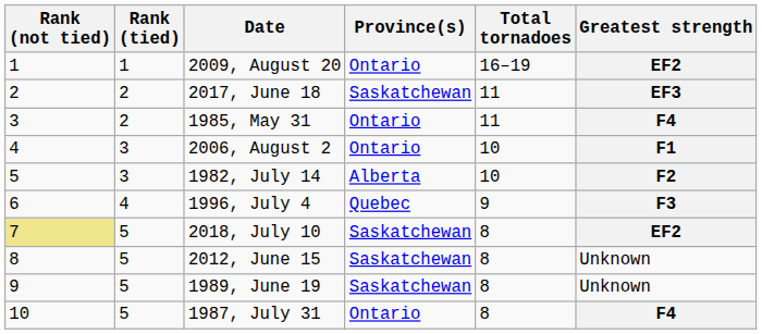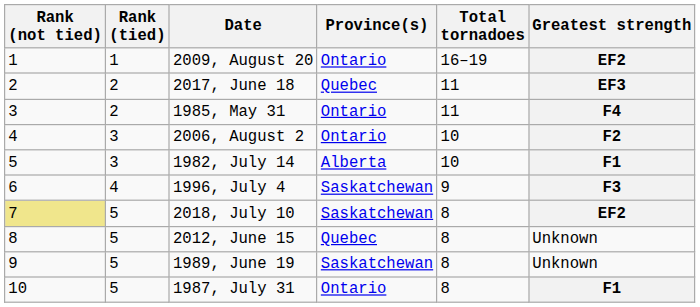 <table class="wikitable mw-collapsible">
 <tr>
 <th>Rank<br>(not tied)</th>
 <th>Rank<br>(tied)</th>
 <th>Date</th>
 <th>Province(s)</th>
 <th>Total<br>tornadoes</th>
 <th>Greatest strength</th>
 </tr>
 <tr>
 <td>1</td>
 <td>1</td>
 <td>2009, August 20</td>
 <td><a href='#'>Ontario</a></td>
 <td>16–19</td>
 <th style="background-color:#">EF2</th>
 </tr>
 <tr>
 <td>2</td>
 <td>2</td>
 <td>2017, June 18</td>
-<td><a href='#'>Saskatchewan</a></td>
+<td><a href='#'>Quebec</a></td>
 <td>11</td>
 <th style="background-color:#">EF3</th>
 </tr>
 <tr>
 <td>3</td>
 <td>2</td>
 <td>1985, May 31</td>
 <td><a href='#'>Ontario</a></td>
 <td>11</td>
 <th style="background-color:#">F4</th>
 </tr>
 <tr>
 <td>4</td>
 <td>3</td>
 <td>2006, August 2</td>
 <td><a href='#'>Ontario</a></td>
 <td>10</td>
-<th style="background-color:#">F1</th>
+<th style="background-color:#">F2</th>
 </tr>
 <tr>
 <td>5</td>
 <td>3</td>
 <td>1982, July 14</td>
 <td><a href='#'>Alberta</a></td>
 <td>10</td>
-<th style="background-color:#">F2</th>
+<th style="background-color:#">F1</th>
 </tr>
 <tr>
 <td>6</td>
 <td>4</td>
 <td>1996, July 4</td>
-<td><a href='#'>Quebec</a></td>
+<td><a href='#'>Saskatchewan</a></td>
 <td>9</td>
 <th style="background-color:#">F3</th>
 </tr>
 <tr>
 <td style="background: khaki;">7</td>
 <td>5</td>
 <td>2018, July 10</td>
 <td><a href='#'>Saskatchewan</a></td>
 <td>8</td>
 <th style="background-color:#">EF2</th>
 </tr>
 <tr>
 <td>8</td>
 <td>5</td>
 <td>2012, June 15</td>
-<td><a href='#'>Saskatchewan</a></td>
+<td><a href='#'>Quebec</a></td>
 <td>8</td>
 <td>Unknown</td>
 </tr>
 <tr>
 <td>9</td>
 <td>5</td>
 <td>1989, June 19</td>
 <td><a href='#'>Saskatchewan</a></td>
 <td>8</td>
 <td>Unknown</td>
 </tr>
 <tr>
 <td>10</td>
 <td>5</td>
 <td>1987, July 31</td>
 <td><a href='#'>Ontario</a></td>
 <td>8</td>
-<th style="background-color:#">F4</th>
+<th style="background-color:#">F1</th>
 </tr>
 </table>
